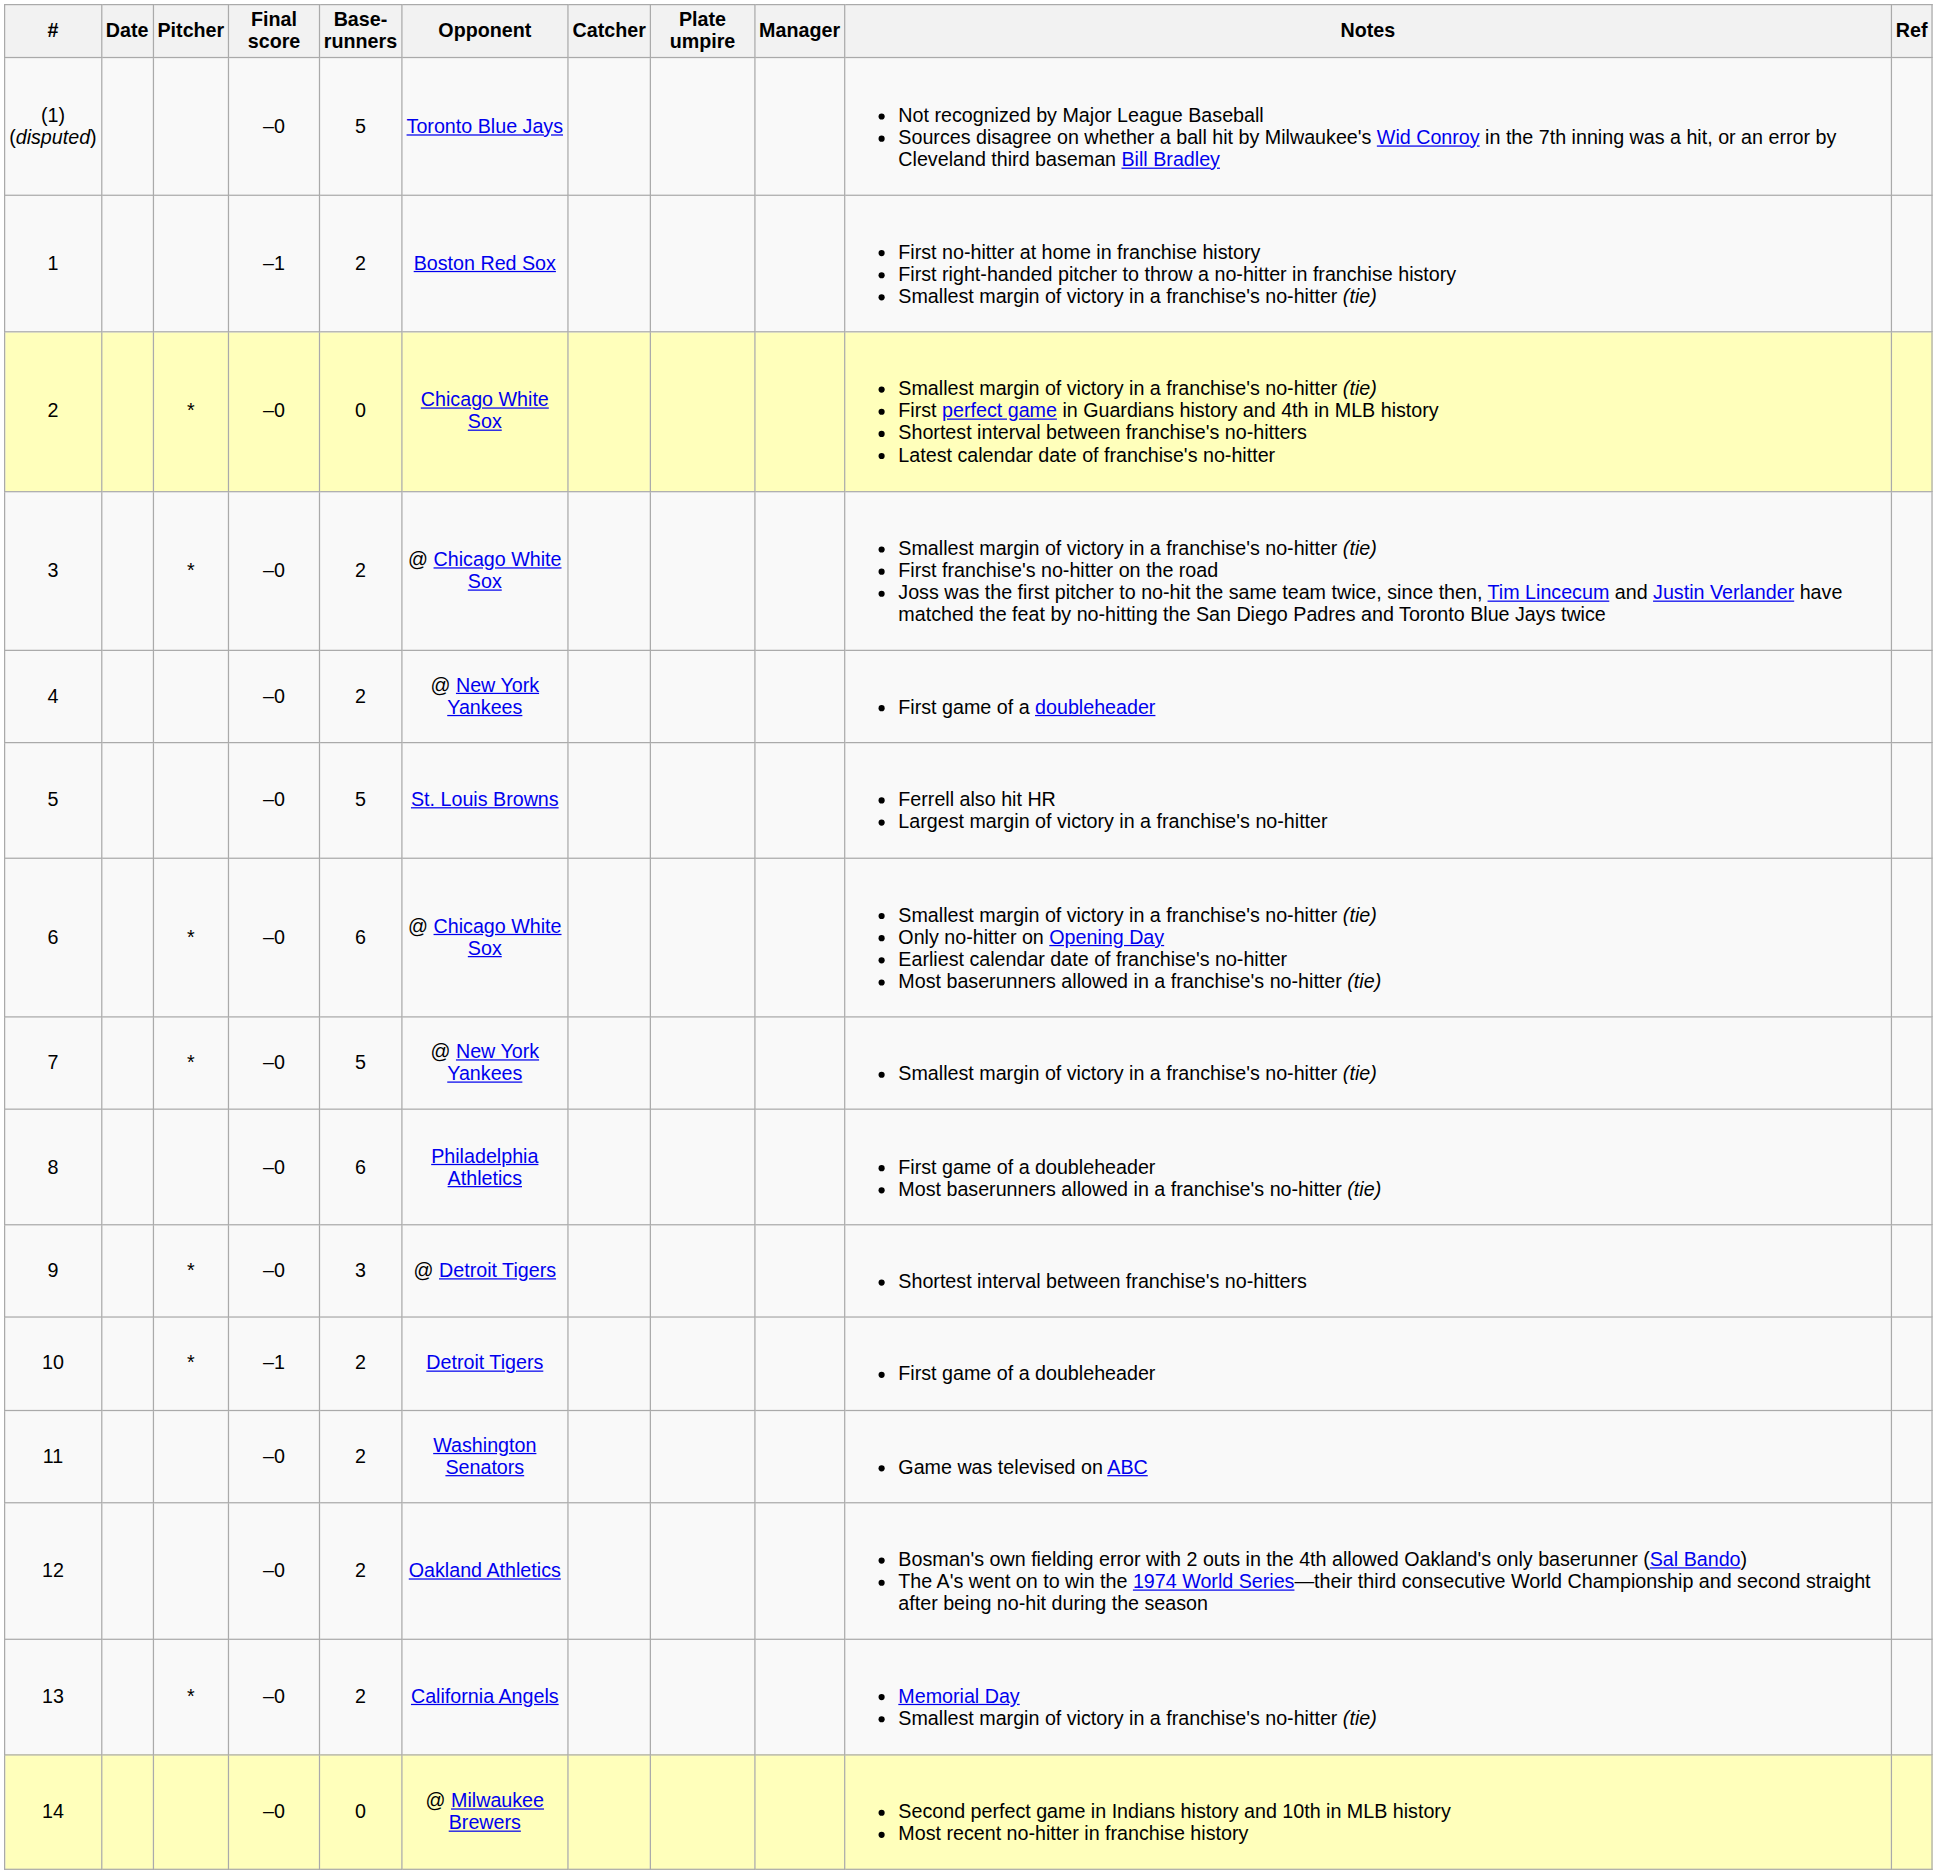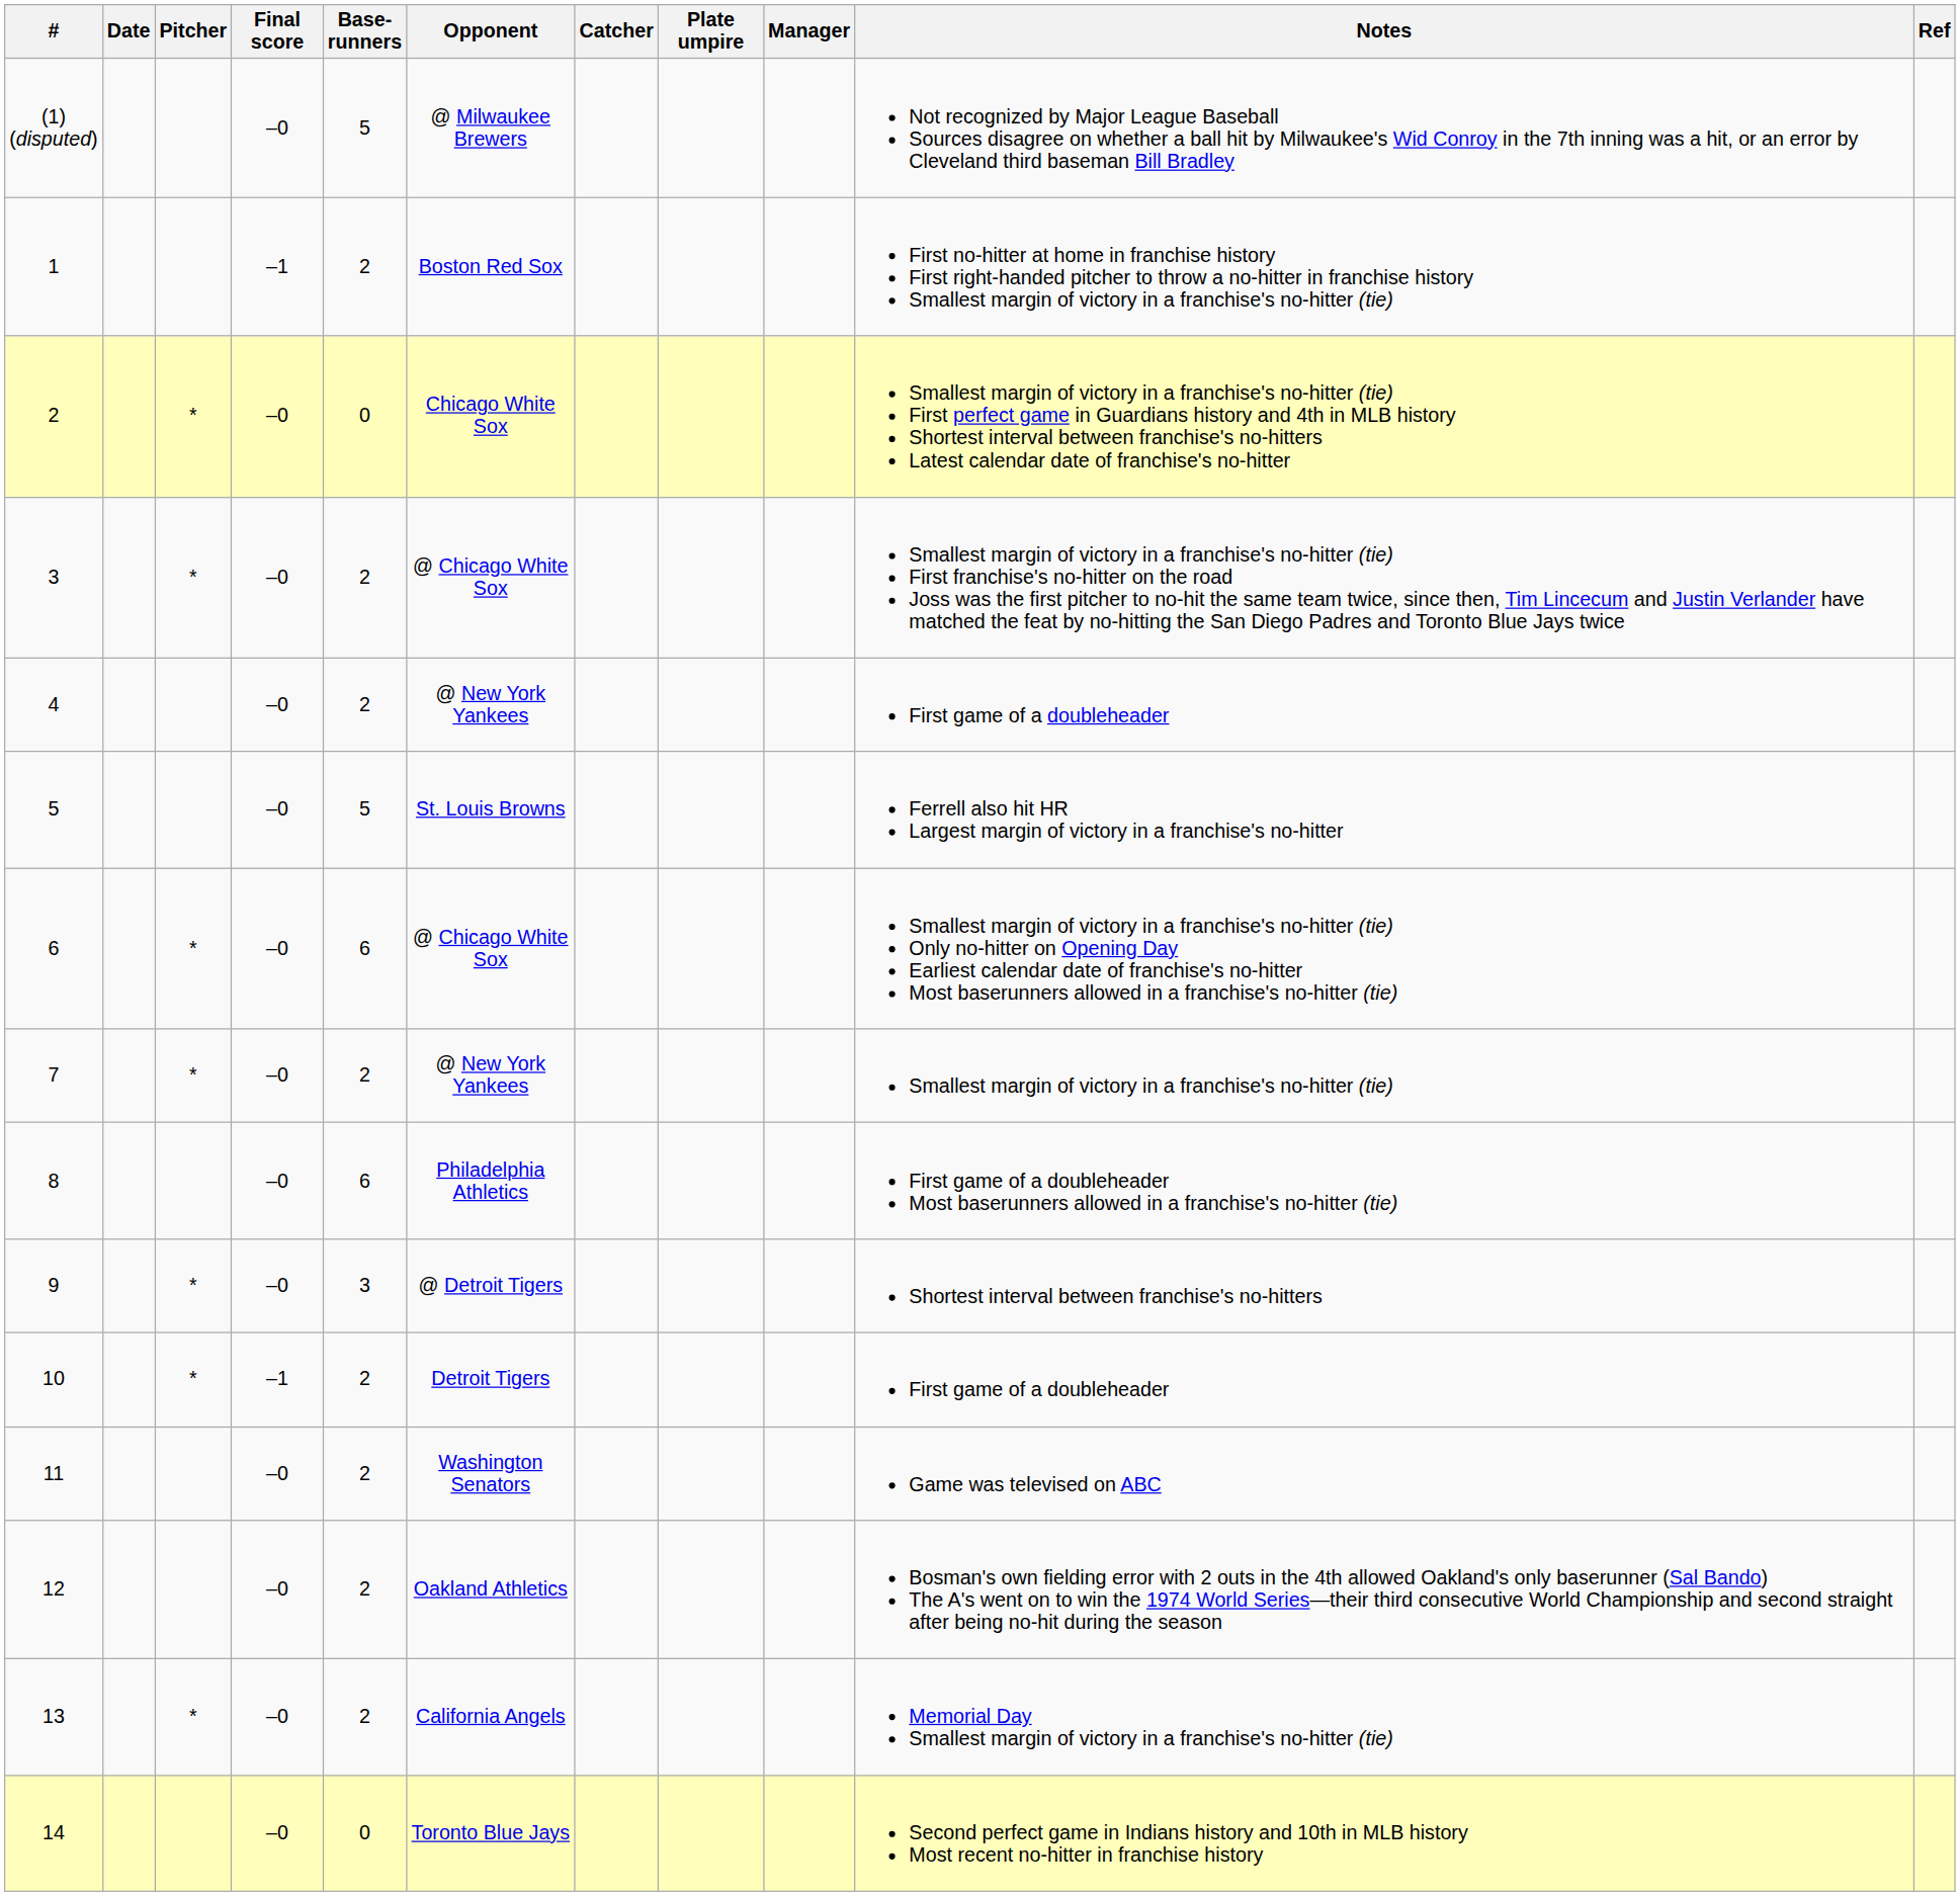 <table class="wikitable sortable" style="text-align:center" border="1">
 <tr>
 <th>#</th>
 <th>Date</th>
 <th>Pitcher</th>
 <th>Final score</th>
 <th>Base-<br>runners</th>
 <th>Opponent</th>
 <th>Catcher</th>
 <th>Plate umpire</th>
 <th>Manager</th>
 <th class="unsortable">Notes</th>
 <th class="unsortable">Ref</th>
 </tr>
 <tr>
 <td>(1)<br>(<em>disputed</em>)</td>
 <td></td>
 <td></td>
 <td>–0</td>
 <td>5</td>
-<td><a href='#'>Toronto Blue Jays</a></td>
+<td>@ <a href='#'>Milwaukee Brewers</a></td>
 <td></td>
 <td></td>
 <td></td>
 <td align="left"><br><ul><li>Not recognized by Major League Baseball</li><li>Sources disagree on whether a ball hit by Milwaukee's <a href='#'>Wid Conroy</a> in the 7th inning was a hit, or an error by Cleveland third baseman <a href='#'>Bill Bradley</a></li></ul></td>
 <td></td>
 </tr>
 <tr>
 <td>1</td>
 <td></td>
 <td></td>
 <td>–1</td>
 <td>2</td>
 <td><a href='#'>Boston Red Sox</a></td>
 <td></td>
 <td> </td>
 <td> </td>
 <td align="left"><br><ul><li>First no-hitter at home in franchise history</li><li>First right-handed pitcher to throw a no-hitter in franchise history</li><li>Smallest margin of victory in a franchise's no-hitter <em>(tie)</em></li></ul></td>
 <td></td>
 </tr>
 <tr bgcolor="#ffffbb">
 <td>2</td>
 <td></td>
 <td>* </td>
 <td>–0</td>
 <td>0</td>
 <td><a href='#'>Chicago White Sox</a></td>
 <td></td>
 <td> </td>
 <td> </td>
 <td align="left"><br><ul><li>Smallest margin of victory in a franchise's no-hitter <em>(tie)</em></li><li>First <a href='#'>perfect game</a> in Guardians history and 4th in MLB history</li><li>Shortest interval between franchise's no-hitters</li><li>Latest calendar date of franchise's no-hitter</li></ul></td>
 <td></td>
 </tr>
 <tr>
 <td>3</td>
 <td></td>
 <td>* </td>
 <td>–0</td>
 <td>2</td>
 <td>@ <a href='#'>Chicago White Sox</a></td>
 <td></td>
 <td></td>
 <td></td>
 <td align="left"><br><ul><li>Smallest margin of victory in a franchise's no-hitter <em>(tie)</em></li><li>First franchise's no-hitter on the road</li><li>Joss was the first pitcher to no-hit the same team twice, since then, <a href='#'>Tim Lincecum</a> and <a href='#'>Justin Verlander</a> have matched the feat by no-hitting the San Diego Padres and Toronto Blue Jays twice</li></ul></td>
 <td></td>
 </tr>
 <tr>
 <td>4</td>
 <td></td>
 <td></td>
 <td>–0</td>
 <td>2</td>
 <td>@ <a href='#'>New York Yankees</a></td>
 <td></td>
 <td></td>
 <td></td>
 <td align="left"><br><ul><li>First game of a <a href='#'>doubleheader</a></li></ul></td>
 <td></td>
 </tr>
 <tr>
 <td>5</td>
 <td></td>
 <td></td>
 <td>–0</td>
 <td>5</td>
 <td><a href='#'>St. Louis Browns</a></td>
 <td></td>
 <td> </td>
 <td></td>
 <td align="left"><br><ul><li>Ferrell also hit HR</li><li>Largest margin of victory in a franchise's no-hitter</li></ul></td>
 <td></td>
 </tr>
 <tr>
 <td>6</td>
 <td></td>
 <td>* </td>
 <td>–0</td>
 <td>6</td>
 <td>@ <a href='#'>Chicago White Sox</a></td>
 <td></td>
 <td> </td>
 <td></td>
 <td align="left"><br><ul><li>Smallest margin of victory in a franchise's no-hitter <em>(tie)</em></li><li>Only no-hitter on <a href='#'>Opening Day</a></li><li>Earliest calendar date of franchise's no-hitter</li><li>Most baserunners allowed in a franchise's no-hitter <em>(tie)</em></li></ul></td>
 <td></td>
 </tr>
 <tr>
 <td>7</td>
 <td></td>
 <td>* </td>
 <td>–0</td>
-<td>5</td>
+<td>2</td>
 <td>@ <a href='#'>New York Yankees</a></td>
 <td></td>
 <td> </td>
 <td> </td>
 <td align="left"><br><ul><li>Smallest margin of victory in a franchise's no-hitter <em>(tie)</em></li></ul></td>
 <td></td>
 </tr>
 <tr>
 <td>8</td>
 <td></td>
 <td></td>
 <td>–0</td>
 <td>6</td>
 <td><a href='#'>Philadelphia Athletics</a></td>
 <td> </td>
 <td> </td>
 <td> </td>
 <td align="left"><br><ul><li>First game of a doubleheader</li><li>Most baserunners allowed in a franchise's no-hitter <em>(tie)</em></li></ul></td>
 <td></td>
 </tr>
 <tr>
 <td>9</td>
 <td></td>
 <td>*</td>
 <td>–0</td>
 <td>3</td>
 <td>@ <a href='#'>Detroit Tigers</a></td>
 <td> </td>
 <td></td>
 <td> </td>
 <td align="left"><br><ul><li>Shortest interval between franchise's no-hitters</li></ul></td>
 <td></td>
 </tr>
 <tr>
 <td>10</td>
 <td></td>
 <td>* </td>
 <td>–1</td>
 <td>2</td>
 <td><a href='#'>Detroit Tigers</a></td>
 <td> </td>
 <td></td>
 <td></td>
 <td align="left"><br><ul><li>First game of a doubleheader</li></ul></td>
 <td></td>
 </tr>
 <tr>
 <td>11</td>
 <td></td>
 <td></td>
 <td>–0</td>
 <td>2</td>
 <td><a href='#'>Washington Senators</a></td>
 <td></td>
 <td></td>
 <td></td>
 <td align="left"><br><ul><li>Game was televised on <a href='#'>ABC</a></li></ul></td>
 <td></td>
 </tr>
 <tr>
 <td>12</td>
 <td></td>
 <td></td>
 <td>–0</td>
 <td>2</td>
 <td><a href='#'>Oakland Athletics</a></td>
 <td></td>
 <td></td>
 <td></td>
 <td align="left"><br><ul><li>Bosman's own fielding error with 2 outs in the 4th allowed Oakland's only baserunner (<a href='#'>Sal Bando</a>)</li><li>The A's went on to win the <a href='#'>1974 World Series</a>—their third consecutive World Championship and second straight after being no-hit during the season</li></ul></td>
 <td></td>
 </tr>
 <tr>
 <td>13</td>
 <td></td>
 <td>*</td>
 <td>–0</td>
 <td>2</td>
 <td><a href='#'>California Angels</a></td>
 <td></td>
 <td></td>
 <td></td>
 <td align="left"><br><ul><li><a href='#'>Memorial Day</a></li><li>Smallest margin of victory in a franchise's no-hitter <em>(tie)</em></li></ul></td>
 <td></td>
 </tr>
 <tr bgcolor="#ffffbb">
 <td>14</td>
 <td></td>
 <td></td>
 <td>–0</td>
 <td>0</td>
-<td>@ <a href='#'>Milwaukee Brewers</a></td>
+<td><a href='#'>Toronto Blue Jays</a></td>
 <td></td>
 <td></td>
 <td></td>
 <td align="left"><br><ul><li>Second perfect game in Indians history and 10th in MLB history</li><li>Most recent no-hitter in franchise history</li></ul></td>
 <td></td>
 </tr>
 </table>
